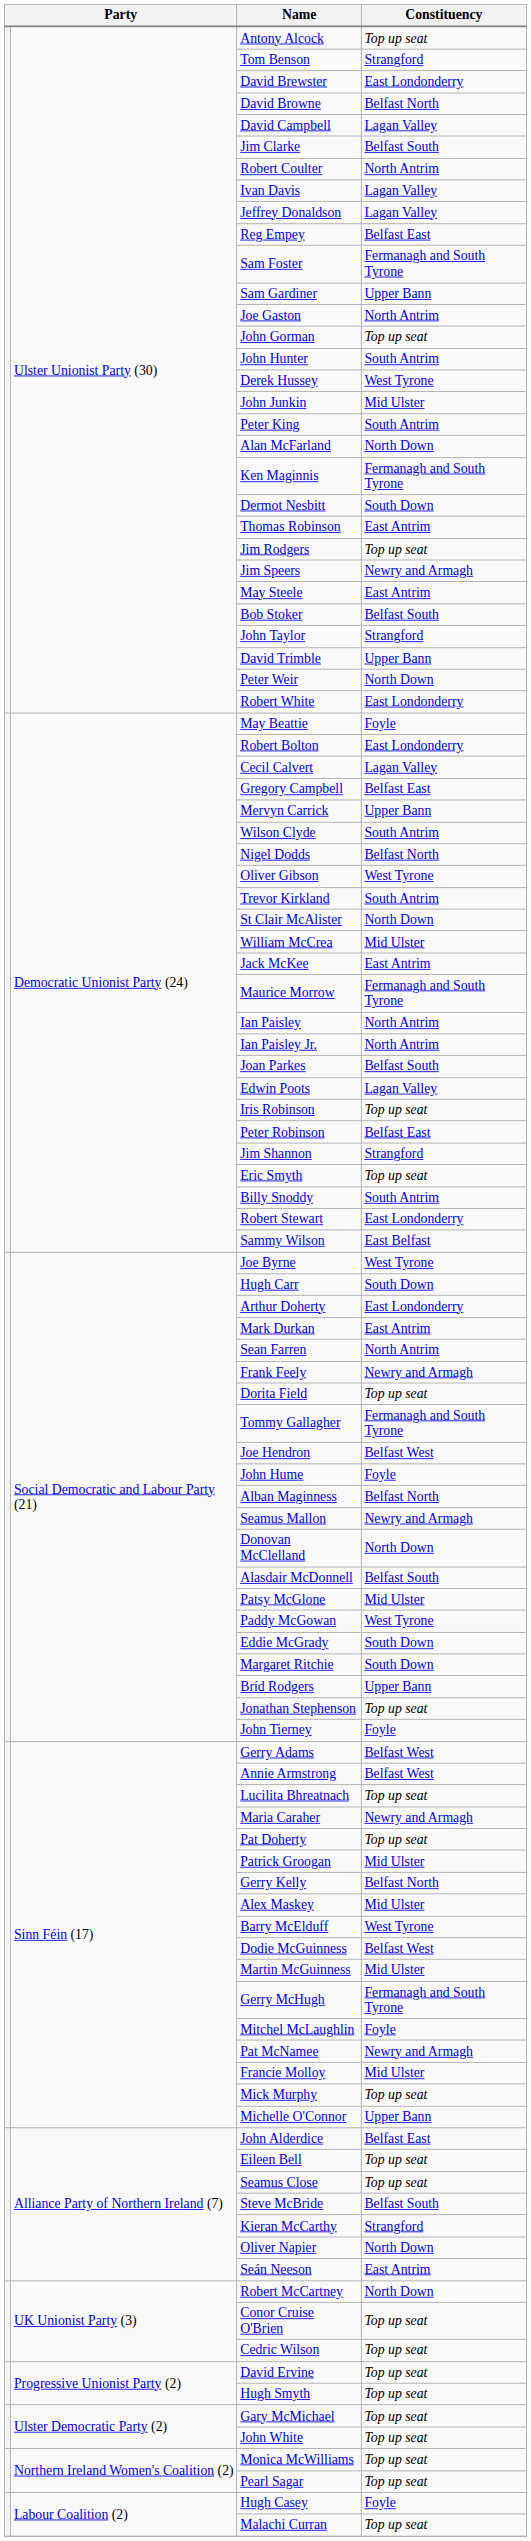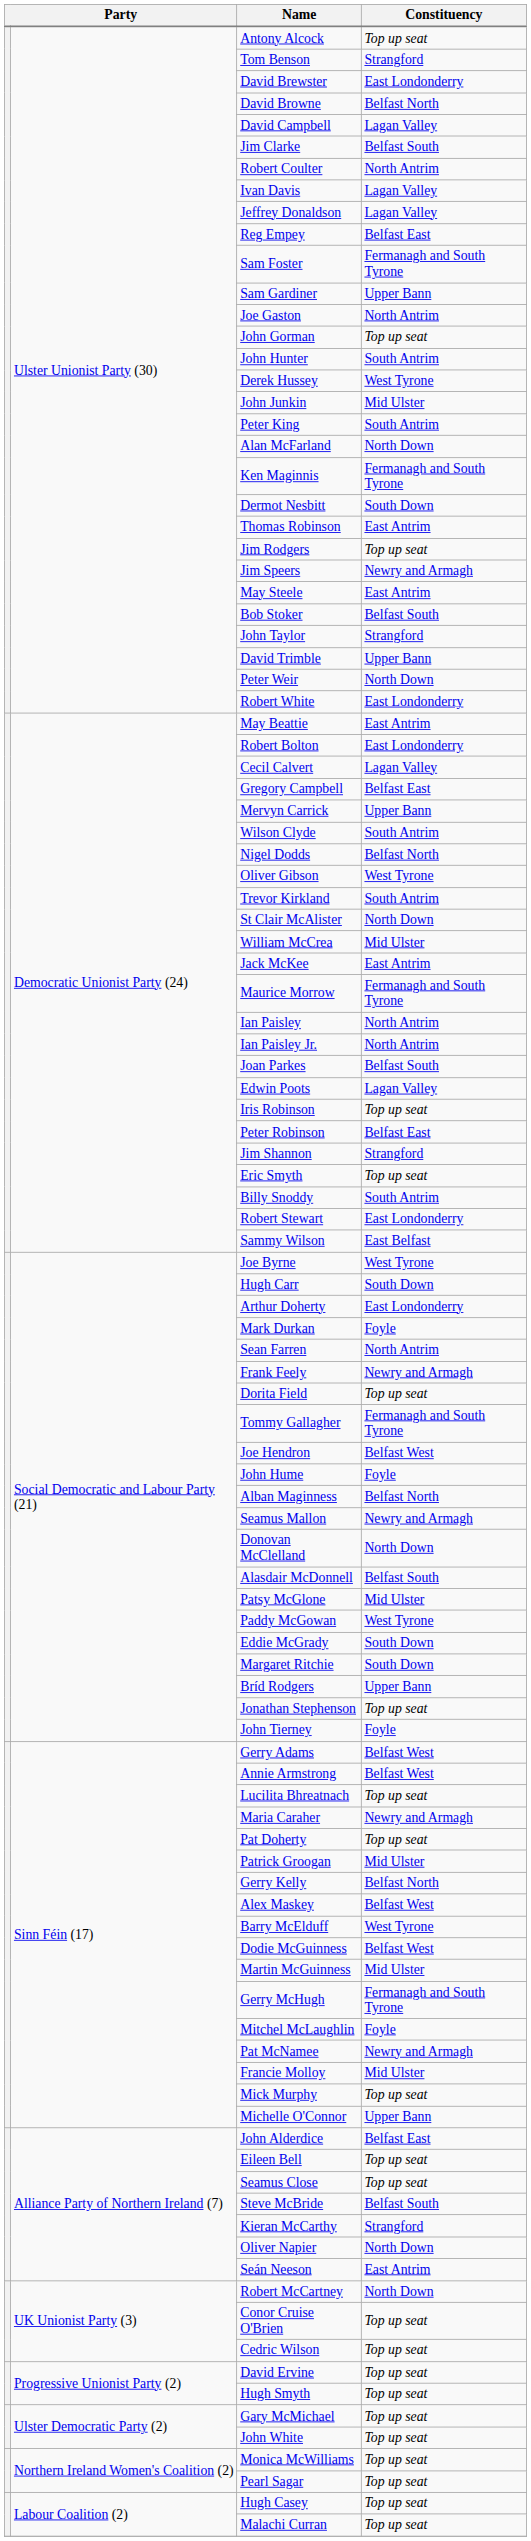 <table class="wikitable">
 <tr style="border-bottom: 2px solid gray;">
 <th colspan=2>Party</th>
 <th>Name</th>
 <th>Constituency</th>
 </tr>
 <tr>
 <th rowspan="30" style="background-color: "></th>
 <td rowspan="30"><a href='#'>Ulster Unionist Party</a> (30)</td>
 <td><a href='#'>Antony Alcock</a></td>
 <td><em>Top up seat</em></td>
 </tr>
 <tr>
 <td><a href='#'>Tom Benson</a></td>
 <td><a href='#'>Strangford</a></td>
 </tr>
 <tr>
 <td><a href='#'>David Brewster</a></td>
 <td><a href='#'>East Londonderry</a></td>
 </tr>
 <tr>
 <td><a href='#'>David Browne</a></td>
 <td><a href='#'>Belfast North</a></td>
 </tr>
 <tr>
 <td><a href='#'>David Campbell</a></td>
 <td><a href='#'>Lagan Valley</a></td>
 </tr>
 <tr>
 <td><a href='#'>Jim Clarke</a></td>
 <td><a href='#'>Belfast South</a></td>
 </tr>
 <tr>
 <td><a href='#'>Robert Coulter</a></td>
 <td><a href='#'>North Antrim</a></td>
 </tr>
 <tr>
 <td><a href='#'>Ivan Davis</a></td>
 <td><a href='#'>Lagan Valley</a></td>
 </tr>
 <tr>
 <td><a href='#'>Jeffrey Donaldson</a></td>
 <td><a href='#'>Lagan Valley</a></td>
 </tr>
 <tr>
 <td><a href='#'>Reg Empey</a></td>
 <td><a href='#'>Belfast East</a></td>
 </tr>
 <tr>
 <td><a href='#'>Sam Foster</a></td>
 <td><a href='#'>Fermanagh and South Tyrone</a></td>
 </tr>
 <tr>
 <td><a href='#'>Sam Gardiner</a></td>
 <td><a href='#'>Upper Bann</a></td>
 </tr>
 <tr>
 <td><a href='#'>Joe Gaston</a></td>
 <td><a href='#'>North Antrim</a></td>
 </tr>
 <tr>
 <td><a href='#'>John Gorman</a></td>
 <td><em>Top up seat</em></td>
 </tr>
 <tr>
 <td><a href='#'>John Hunter</a></td>
 <td><a href='#'>South Antrim</a></td>
 </tr>
 <tr>
 <td><a href='#'>Derek Hussey</a></td>
 <td><a href='#'>West Tyrone</a></td>
 </tr>
 <tr>
 <td><a href='#'>John Junkin</a></td>
 <td><a href='#'>Mid Ulster</a></td>
 </tr>
 <tr>
 <td><a href='#'>Peter King</a></td>
 <td><a href='#'>South Antrim</a></td>
 </tr>
 <tr>
 <td><a href='#'>Alan McFarland</a></td>
 <td><a href='#'>North Down</a></td>
 </tr>
 <tr>
 <td><a href='#'>Ken Maginnis</a></td>
 <td><a href='#'>Fermanagh and South Tyrone</a></td>
 </tr>
 <tr>
 <td><a href='#'>Dermot Nesbitt</a></td>
 <td><a href='#'>South Down</a></td>
 </tr>
 <tr>
 <td><a href='#'>Thomas Robinson</a></td>
 <td><a href='#'>East Antrim</a></td>
 </tr>
 <tr>
 <td><a href='#'>Jim Rodgers</a></td>
 <td><em>Top up seat</em></td>
 </tr>
 <tr>
 <td><a href='#'>Jim Speers</a></td>
 <td><a href='#'>Newry and Armagh</a></td>
 </tr>
 <tr>
 <td><a href='#'>May Steele</a></td>
 <td><a href='#'>East Antrim</a></td>
 </tr>
 <tr>
 <td><a href='#'>Bob Stoker</a></td>
 <td><a href='#'>Belfast South</a></td>
 </tr>
 <tr>
 <td><a href='#'>John Taylor</a></td>
 <td><a href='#'>Strangford</a></td>
 </tr>
 <tr>
 <td><a href='#'>David Trimble</a></td>
 <td><a href='#'>Upper Bann</a></td>
 </tr>
 <tr>
 <td><a href='#'>Peter Weir</a></td>
 <td><a href='#'>North Down</a></td>
 </tr>
 <tr>
 <td><a href='#'>Robert White</a></td>
 <td><a href='#'>East Londonderry</a></td>
 </tr>
 <tr>
 <th rowspan="24" style="background-color: "></th>
 <td rowspan="24"><a href='#'>Democratic Unionist Party</a> (24)</td>
 <td><a href='#'>May Beattie</a></td>
-<td><a href='#'>Foyle</a></td>
+<td><a href='#'>East Antrim</a></td>
 </tr>
 <tr>
 <td><a href='#'>Robert Bolton</a></td>
 <td><a href='#'>East Londonderry</a></td>
 </tr>
 <tr>
 <td><a href='#'>Cecil Calvert</a></td>
 <td><a href='#'>Lagan Valley</a></td>
 </tr>
 <tr>
 <td><a href='#'>Gregory Campbell</a></td>
 <td><a href='#'>Belfast East</a></td>
 </tr>
 <tr>
 <td><a href='#'>Mervyn Carrick</a></td>
 <td><a href='#'>Upper Bann</a></td>
 </tr>
 <tr>
 <td><a href='#'>Wilson Clyde</a></td>
 <td><a href='#'>South Antrim</a></td>
 </tr>
 <tr>
 <td><a href='#'>Nigel Dodds</a></td>
 <td><a href='#'>Belfast North</a></td>
 </tr>
 <tr>
 <td><a href='#'>Oliver Gibson</a></td>
 <td><a href='#'>West Tyrone</a></td>
 </tr>
 <tr>
 <td><a href='#'>Trevor Kirkland</a></td>
 <td><a href='#'>South Antrim</a></td>
 </tr>
 <tr>
 <td><a href='#'>St Clair McAlister</a></td>
 <td><a href='#'>North Down</a></td>
 </tr>
 <tr>
 <td><a href='#'>William McCrea</a></td>
 <td><a href='#'>Mid Ulster</a></td>
 </tr>
 <tr>
 <td><a href='#'>Jack McKee</a></td>
 <td><a href='#'>East Antrim</a></td>
 </tr>
 <tr>
 <td><a href='#'>Maurice Morrow</a></td>
 <td><a href='#'>Fermanagh and South Tyrone</a></td>
 </tr>
 <tr>
 <td><a href='#'>Ian Paisley</a></td>
 <td><a href='#'>North Antrim</a></td>
 </tr>
 <tr>
 <td><a href='#'>Ian Paisley Jr.</a></td>
 <td><a href='#'>North Antrim</a></td>
 </tr>
 <tr>
 <td><a href='#'>Joan Parkes</a></td>
 <td><a href='#'>Belfast South</a></td>
 </tr>
 <tr>
 <td><a href='#'>Edwin Poots</a></td>
 <td><a href='#'>Lagan Valley</a></td>
 </tr>
 <tr>
 <td><a href='#'>Iris Robinson</a></td>
 <td><em>Top up seat</em></td>
 </tr>
 <tr>
 <td><a href='#'>Peter Robinson</a></td>
 <td><a href='#'>Belfast East</a></td>
 </tr>
 <tr>
 <td><a href='#'>Jim Shannon</a></td>
 <td><a href='#'>Strangford</a></td>
 </tr>
 <tr>
 <td><a href='#'>Eric Smyth</a></td>
 <td><em>Top up seat</em></td>
 </tr>
 <tr>
 <td><a href='#'>Billy Snoddy</a></td>
 <td><a href='#'>South Antrim</a></td>
 </tr>
 <tr>
 <td><a href='#'>Robert Stewart</a></td>
 <td><a href='#'>East Londonderry</a></td>
 </tr>
 <tr>
 <td><a href='#'>Sammy Wilson</a></td>
 <td><a href='#'>East Belfast</a></td>
 </tr>
 <tr>
 <th rowspan="21" style="background-color: "></th>
 <td rowspan="21"><a href='#'>Social Democratic and Labour Party</a> (21)</td>
 <td><a href='#'>Joe Byrne</a></td>
 <td><a href='#'>West Tyrone</a></td>
 </tr>
 <tr>
 <td><a href='#'>Hugh Carr</a></td>
 <td><a href='#'>South Down</a></td>
 </tr>
 <tr>
 <td><a href='#'>Arthur Doherty</a></td>
 <td><a href='#'>East Londonderry</a></td>
 </tr>
 <tr>
 <td><a href='#'>Mark Durkan</a></td>
-<td><a href='#'>East Antrim</a></td>
+<td><a href='#'>Foyle</a></td>
 </tr>
 <tr>
 <td><a href='#'>Sean Farren</a></td>
 <td><a href='#'>North Antrim</a></td>
 </tr>
 <tr>
 <td><a href='#'>Frank Feely</a></td>
 <td><a href='#'>Newry and Armagh</a></td>
 </tr>
 <tr>
 <td><a href='#'>Dorita Field</a></td>
 <td><em>Top up seat</em></td>
 </tr>
 <tr>
 <td><a href='#'>Tommy Gallagher</a></td>
 <td><a href='#'>Fermanagh and South Tyrone</a></td>
 </tr>
 <tr>
 <td><a href='#'>Joe Hendron</a></td>
 <td><a href='#'>Belfast West</a></td>
 </tr>
 <tr>
 <td><a href='#'>John Hume</a></td>
 <td><a href='#'>Foyle</a></td>
 </tr>
 <tr>
 <td><a href='#'>Alban Maginness</a></td>
 <td><a href='#'>Belfast North</a></td>
 </tr>
 <tr>
 <td><a href='#'>Seamus Mallon</a></td>
 <td><a href='#'>Newry and Armagh</a></td>
 </tr>
 <tr>
 <td><a href='#'>Donovan McClelland</a></td>
 <td><a href='#'>North Down</a></td>
 </tr>
 <tr>
 <td><a href='#'>Alasdair McDonnell</a></td>
 <td><a href='#'>Belfast South</a></td>
 </tr>
 <tr>
 <td><a href='#'>Patsy McGlone</a></td>
 <td><a href='#'>Mid Ulster</a></td>
 </tr>
 <tr>
 <td><a href='#'>Paddy McGowan</a></td>
 <td><a href='#'>West Tyrone</a></td>
 </tr>
 <tr>
 <td><a href='#'>Eddie McGrady</a></td>
 <td><a href='#'>South Down</a></td>
 </tr>
 <tr>
 <td><a href='#'>Margaret Ritchie</a></td>
 <td><a href='#'>South Down</a></td>
 </tr>
 <tr>
 <td><a href='#'>Bríd Rodgers</a></td>
 <td><a href='#'>Upper Bann</a></td>
 </tr>
 <tr>
 <td><a href='#'>Jonathan Stephenson</a></td>
 <td><em>Top up seat</em></td>
 </tr>
 <tr>
 <td><a href='#'>John Tierney</a></td>
 <td><a href='#'>Foyle</a></td>
 </tr>
 <tr>
 <th rowspan="17" style="background-color: "></th>
 <td rowspan="17"><a href='#'>Sinn Féin</a> (17)</td>
 <td><a href='#'>Gerry Adams</a></td>
 <td><a href='#'>Belfast West</a></td>
 </tr>
 <tr>
 <td><a href='#'>Annie Armstrong</a></td>
 <td><a href='#'>Belfast West</a></td>
 </tr>
 <tr>
 <td><a href='#'>Lucilita Bhreatnach</a></td>
 <td><em>Top up seat</em></td>
 </tr>
 <tr>
 <td><a href='#'>Maria Caraher</a></td>
 <td><a href='#'>Newry and Armagh</a></td>
 </tr>
 <tr>
 <td><a href='#'>Pat Doherty</a></td>
 <td><em>Top up seat</em></td>
 </tr>
 <tr>
 <td><a href='#'>Patrick Groogan</a></td>
 <td><a href='#'>Mid Ulster</a></td>
 </tr>
 <tr>
 <td><a href='#'>Gerry Kelly</a></td>
 <td><a href='#'>Belfast North</a></td>
 </tr>
 <tr>
 <td><a href='#'>Alex Maskey</a></td>
-<td><a href='#'>Mid Ulster</a></td>
+<td><a href='#'>Belfast West</a></td>
 </tr>
 <tr>
 <td><a href='#'>Barry McElduff</a></td>
 <td><a href='#'>West Tyrone</a></td>
 </tr>
 <tr>
 <td><a href='#'>Dodie McGuinness</a></td>
 <td><a href='#'>Belfast West</a></td>
 </tr>
 <tr>
 <td><a href='#'>Martin McGuinness</a></td>
 <td><a href='#'>Mid Ulster</a></td>
 </tr>
 <tr>
 <td><a href='#'>Gerry McHugh</a></td>
 <td><a href='#'>Fermanagh and South Tyrone</a></td>
 </tr>
 <tr>
 <td><a href='#'>Mitchel McLaughlin</a></td>
 <td><a href='#'>Foyle</a></td>
 </tr>
 <tr>
 <td><a href='#'>Pat McNamee</a></td>
 <td><a href='#'>Newry and Armagh</a></td>
 </tr>
 <tr>
 <td><a href='#'>Francie Molloy</a></td>
 <td><a href='#'>Mid Ulster</a></td>
 </tr>
 <tr>
 <td><a href='#'>Mick Murphy</a></td>
 <td><em>Top up seat</em></td>
 </tr>
 <tr>
 <td><a href='#'>Michelle O'Connor</a></td>
 <td><a href='#'>Upper Bann</a></td>
 </tr>
 <tr>
 <th rowspan="7" style="background-color: "></th>
 <td rowspan="7"><a href='#'>Alliance Party of Northern Ireland</a> (7)</td>
 <td><a href='#'>John Alderdice</a></td>
 <td><a href='#'>Belfast East</a></td>
 </tr>
 <tr>
 <td><a href='#'>Eileen Bell</a></td>
 <td><em>Top up seat</em></td>
 </tr>
 <tr>
 <td><a href='#'>Seamus Close</a></td>
 <td><em>Top up seat</em></td>
 </tr>
 <tr>
 <td><a href='#'>Steve McBride</a></td>
 <td><a href='#'>Belfast South</a></td>
 </tr>
 <tr>
 <td><a href='#'>Kieran McCarthy</a></td>
 <td><a href='#'>Strangford</a></td>
 </tr>
 <tr>
 <td><a href='#'>Oliver Napier</a></td>
 <td><a href='#'>North Down</a></td>
 </tr>
 <tr>
 <td><a href='#'>Seán Neeson</a></td>
 <td><a href='#'>East Antrim</a></td>
 </tr>
 <tr>
 <th rowspan="3" style="background-color: "></th>
 <td rowspan="3"><a href='#'>UK Unionist Party</a> (3)</td>
 <td><a href='#'>Robert McCartney</a></td>
 <td><a href='#'>North Down</a></td>
 </tr>
 <tr>
 <td><a href='#'>Conor Cruise O'Brien</a></td>
 <td><em>Top up seat</em></td>
 </tr>
 <tr>
 <td><a href='#'>Cedric Wilson</a></td>
 <td><em>Top up seat</em></td>
 </tr>
 <tr>
 <th rowspan="2" style="background-color: "></th>
 <td rowspan="2"><a href='#'>Progressive Unionist Party</a> (2)</td>
 <td><a href='#'>David Ervine</a></td>
 <td><em>Top up seat</em></td>
 </tr>
 <tr>
 <td><a href='#'>Hugh Smyth</a></td>
 <td><em>Top up seat</em></td>
 </tr>
 <tr>
 <th rowspan="2" style="background-color: "></th>
 <td rowspan="2"><a href='#'>Ulster Democratic Party</a> (2)</td>
 <td><a href='#'>Gary McMichael</a></td>
 <td><em>Top up seat</em></td>
 </tr>
 <tr>
 <td><a href='#'>John White</a></td>
 <td><em>Top up seat</em></td>
 </tr>
 <tr>
 <th rowspan="2" style="background-color: "></th>
 <td rowspan="2"><a href='#'>Northern Ireland Women's Coalition</a> (2)</td>
 <td><a href='#'>Monica McWilliams</a></td>
 <td><em>Top up seat</em></td>
 </tr>
 <tr>
 <td><a href='#'>Pearl Sagar</a></td>
 <td><em>Top up seat</em></td>
 </tr>
 <tr>
 <th rowspan="2" style="background-color: "></th>
 <td rowspan="2"><a href='#'>Labour Coalition</a> (2)</td>
 <td><a href='#'>Hugh Casey</a></td>
-<td><a href='#'>Foyle</a></td>
+<td><em>Top up seat</em></td>
 </tr>
 <tr>
 <td><a href='#'>Malachi Curran</a></td>
 <td><em>Top up seat</em></td>
 </tr>
 <tr>
 </tr>
 </table>
